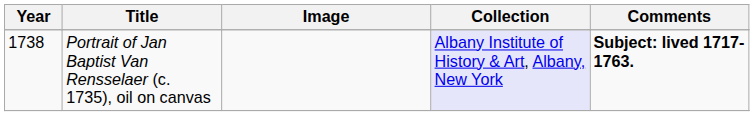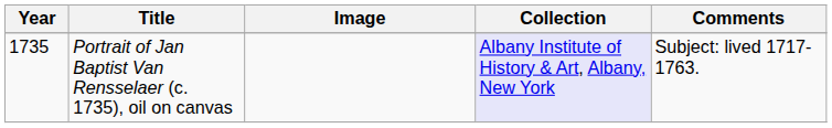 <table class="wikitable sortable">
 <tr>
 <th scope="col" width="50">Year</th>
 <th scope="col" width="150">Title</th>
 <th scope="col" width="200">Image</th>
 <th scope="col" width="150">Collection</th>
 <th scope="col" width="150">Comments</th>
 </tr>
 <tr valign="top">
 </tr>
 <tr valign="top">
-<td>1738</td>
+<td>1735</td>
 <td><em>Portrait of Jan Baptist Van Rensselaer</em> (c. 1735), oil on canvas</td>
 <td></td>
 <td style="background: lavender;"><a href='#'>Albany Institute of History & Art</a>, <a href='#'>Albany, New York</a></td>
-<td><strong>Subject: lived 1717-1763.</strong></td>
+<td>Subject: lived 1717-1763.</td>
 </tr>
 <tr valign="top">
 </tr>
 <tr>
 </tr>
 </table>
